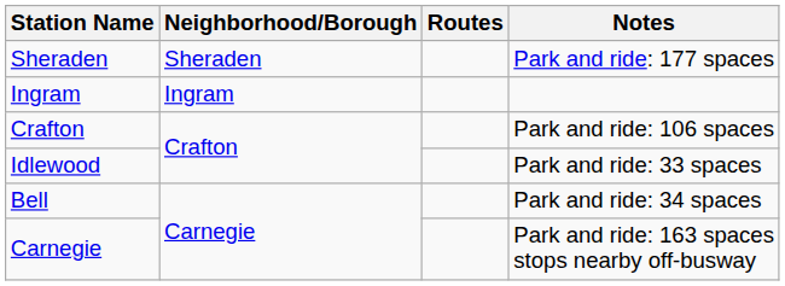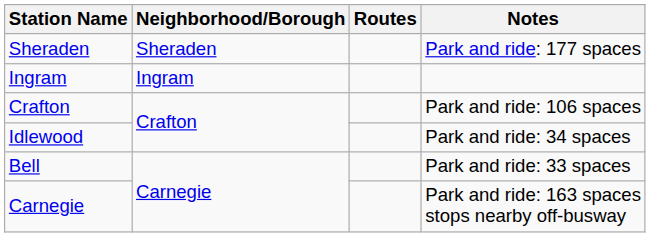 <table class="wikitable">
 <tr>
 <th>Station Name</th>
 <th>Neighborhood/Borough</th>
 <th>Routes</th>
 <th>Notes</th>
 </tr>
 <tr>
 <td><a href='#'>Sheraden</a></td>
 <td><a href='#'>Sheraden</a></td>
 <td>   </td>
 <td><a href='#'>Park and ride</a>: 177 spaces</td>
 </tr>
 <tr>
 <td><a href='#'>Ingram</a></td>
 <td><a href='#'>Ingram</a></td>
 <td>   </td>
 <td></td>
 </tr>
 <tr>
 <td><a href='#'>Crafton</a></td>
 <td rowspan="2"><a href='#'>Crafton</a></td>
 <td>   </td>
 <td>Park and ride: 106 spaces</td>
 </tr>
 <tr>
 <td><a href='#'>Idlewood</a></td>
 <td>   </td>
-<td>Park and ride: 33 spaces</td>
+<td>Park and ride: 34 spaces</td>
 </tr>
 <tr>
 <td><a href='#'>Bell</a></td>
 <td rowspan="2"><a href='#'>Carnegie</a></td>
 <td>   </td>
-<td>Park and ride: 34 spaces</td>
+<td>Park and ride: 33 spaces</td>
 </tr>
 <tr>
 <td><a href='#'>Carnegie</a></td>
 <td></td>
 <td>Park and ride: 163 spaces<br> stops nearby off-busway</td>
 </tr>
 </table>
